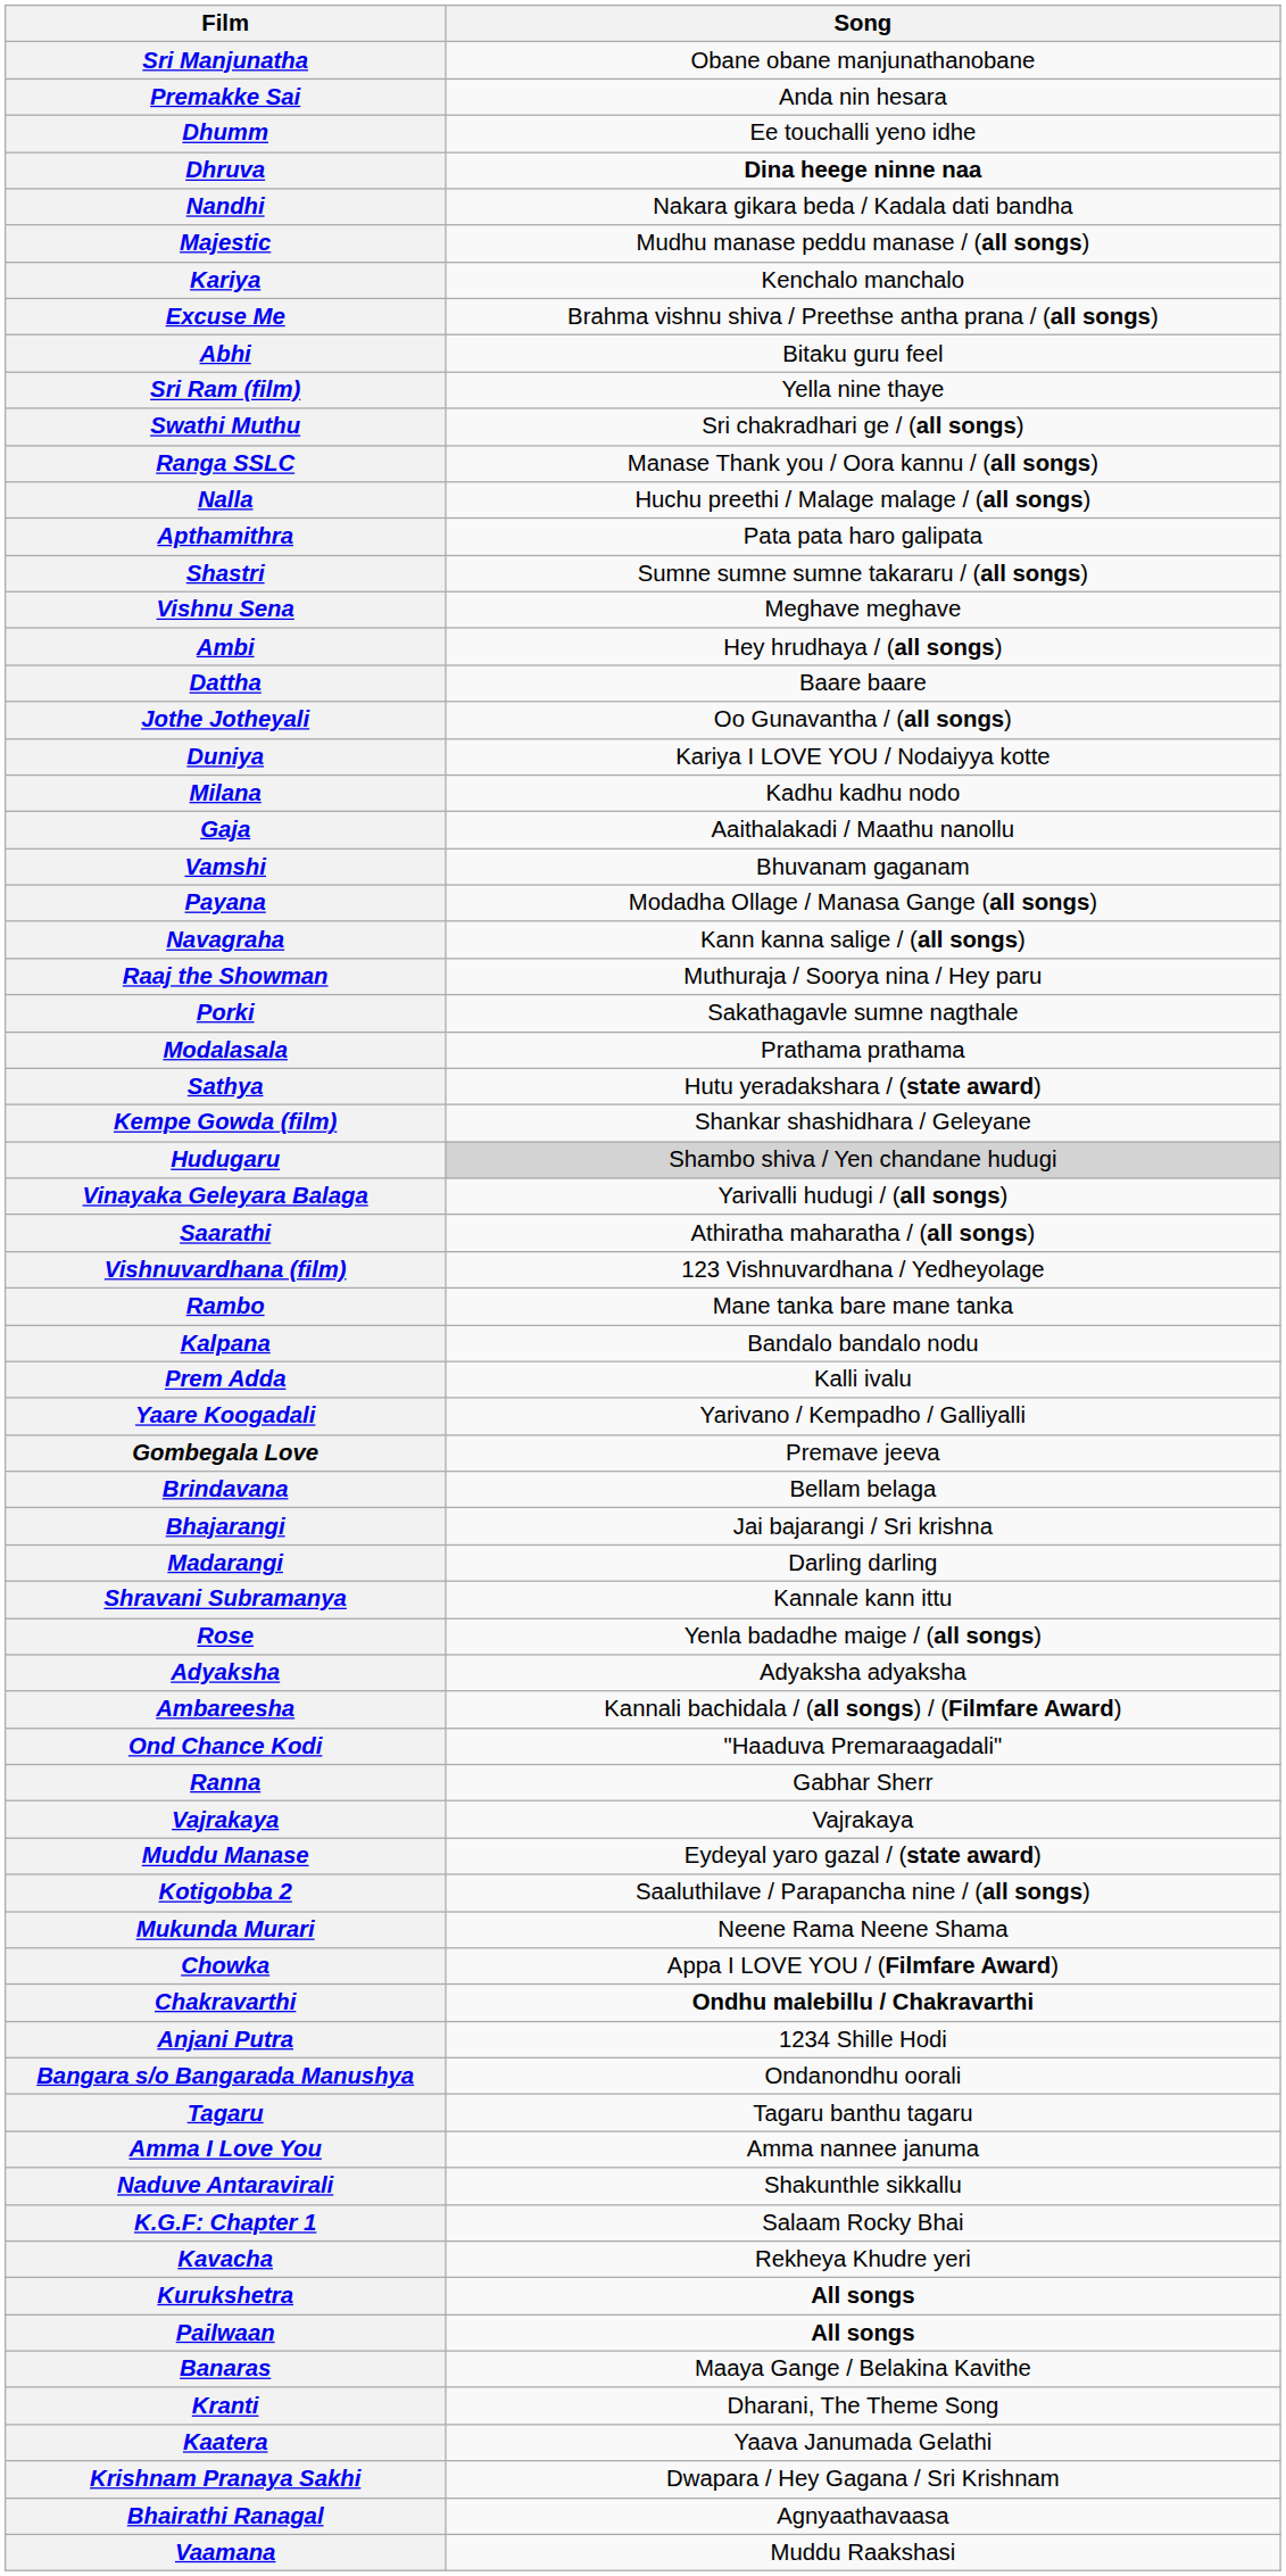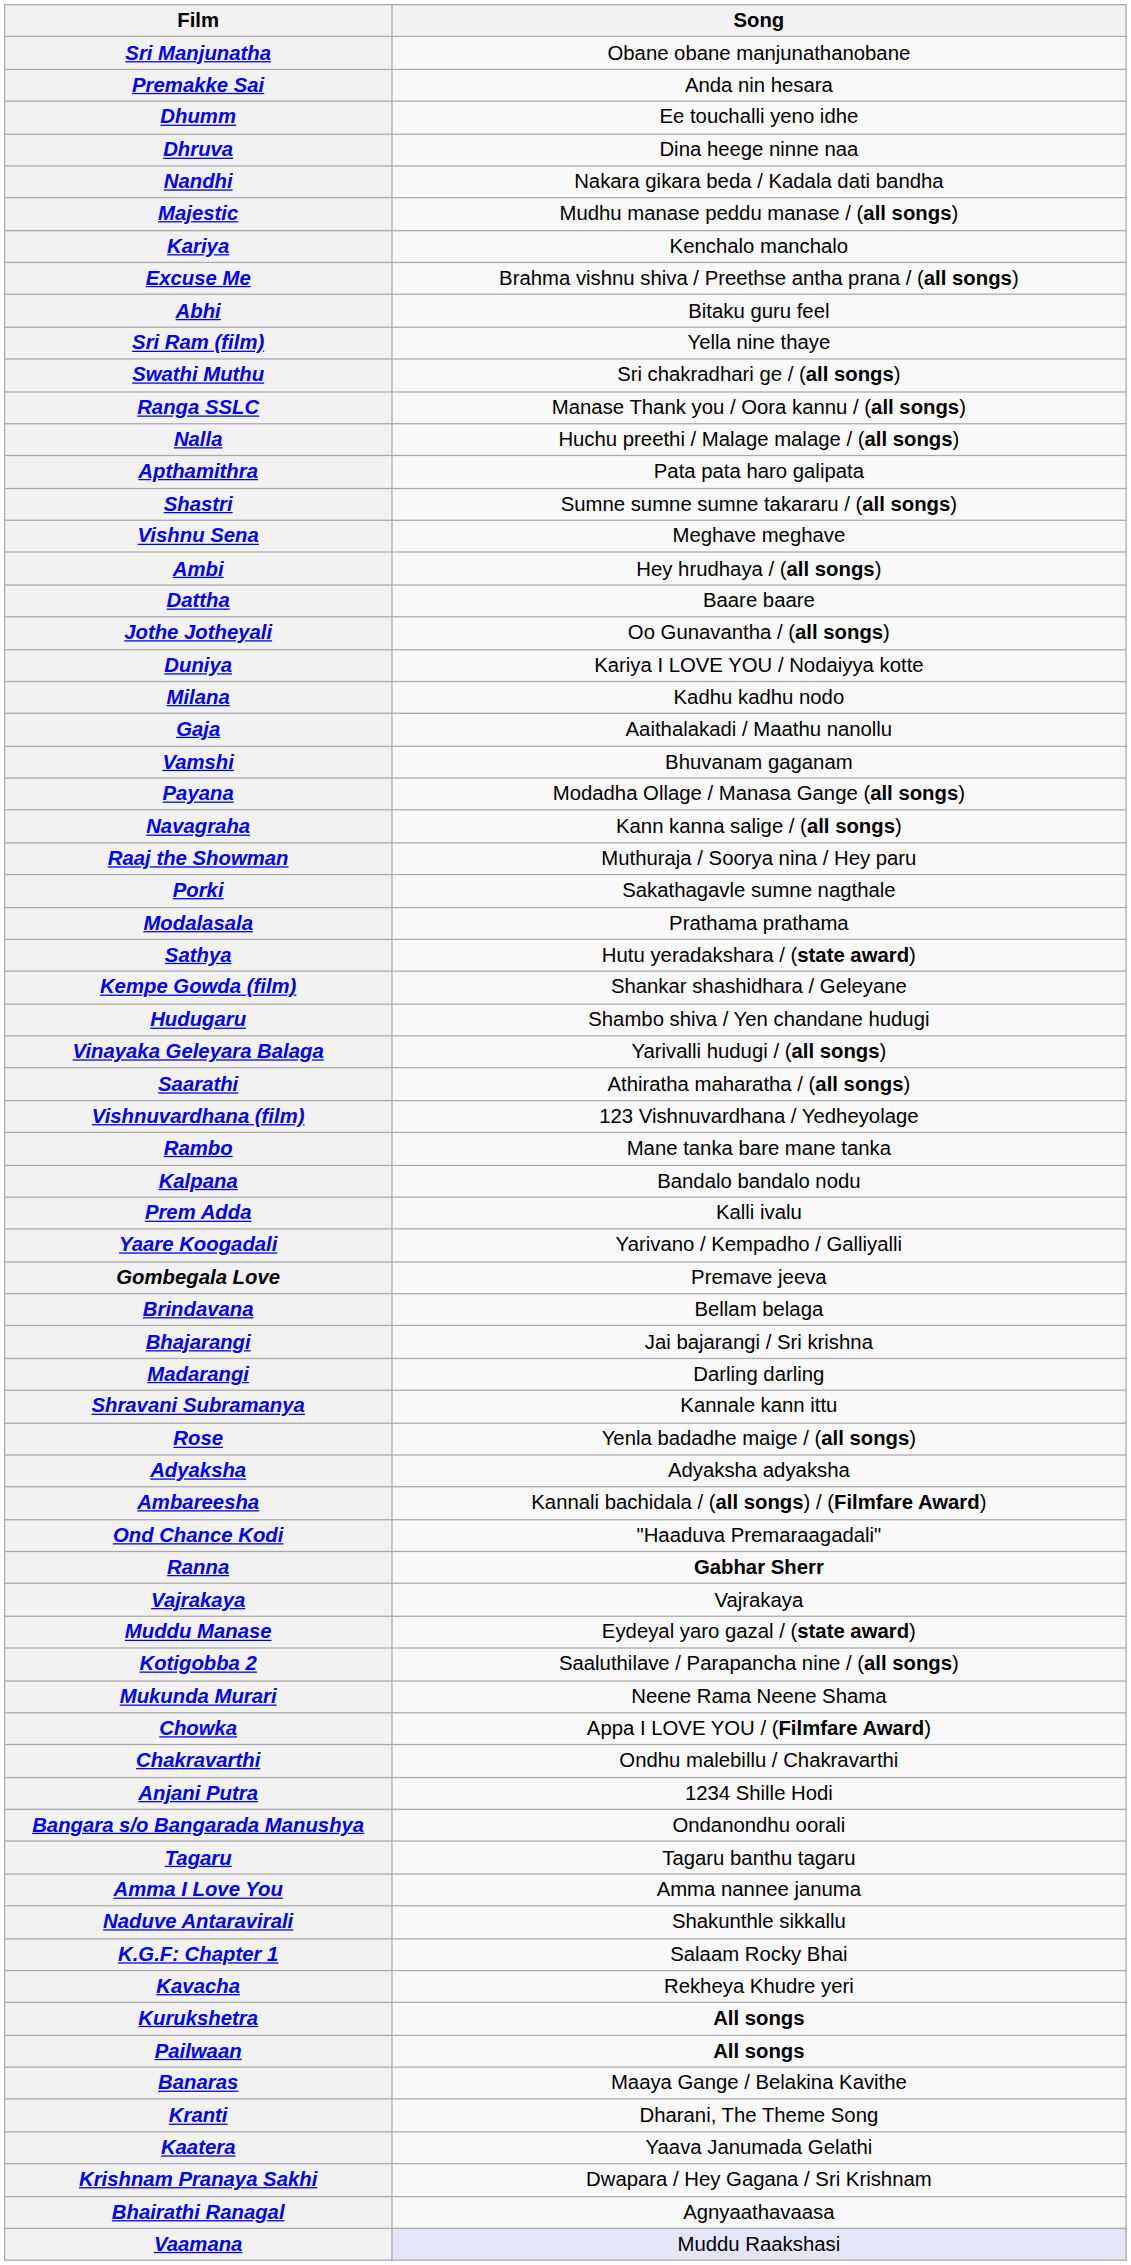 <table class="wikitable sortable mw-collapsible plainrowheaders" style="margin-right: 0;">
 <tr>
 <th scope="col" style="width:4%;">Film</th>
 <th scope="col" style="width:10%;">Song</th>
 </tr>
 <tr>
 <th scope="row" style="text-align: center;"><em><a href='#'>Sri Manjunatha</a></em></th>
 <td style="text-align: center;">Obane obane manjunathanobane</td>
 </tr>
 <tr>
 <th scope="row" style="text-align: center;"><em><a href='#'>Premakke Sai</a></em></th>
 <td style="text-align: center;">Anda nin hesara</td>
 </tr>
 <tr>
 <th scope="row" style="text-align: center;"><em><a href='#'>Dhumm</a></em></th>
 <td style="text-align: center;">Ee touchalli yeno idhe</td>
 </tr>
 <tr>
 <th scope="row" style="text-align: center;"><em><a href='#'>Dhruva</a></em></th>
-<td style="text-align: center;"><strong>Dina heege ninne naa</strong></td>
+<td style="text-align: center;">Dina heege ninne naa</td>
 </tr>
 <tr>
 <th scope="row" style="text-align: center;"><em><a href='#'>Nandhi</a></em></th>
 <td style="text-align: center;">Nakara gikara beda / Kadala dati bandha</td>
 </tr>
 <tr>
 <th scope="row" style="text-align: center;"><em><a href='#'>Majestic</a></em></th>
 <td style="text-align: center;">Mudhu manase peddu manase / (<strong>all songs</strong>)</td>
 </tr>
 <tr>
 <th scope="row" style="text-align: center;"><em><a href='#'>Kariya</a></em></th>
 <td style="text-align: center;">Kenchalo manchalo</td>
 </tr>
 <tr>
 <th scope="row" style="text-align: center;"><em><a href='#'>Excuse Me</a></em></th>
 <td style="text-align: center;">Brahma vishnu shiva / Preethse antha prana / (<strong>all songs</strong>)</td>
 </tr>
 <tr>
 <th scope="row" style="text-align: center;"><em><a href='#'>Abhi</a></em></th>
 <td style="text-align: center;">Bitaku guru feel</td>
 </tr>
 <tr>
 <th scope="row" style="text-align: center;"><em><a href='#'>Sri Ram (film)</a></em></th>
 <td style="text-align: center;">Yella nine thaye</td>
 </tr>
 <tr>
 <th scope="row" style="text-align: center;"><em><a href='#'>Swathi Muthu</a></em></th>
 <td style="text-align: center;">Sri chakradhari ge / (<strong>all songs</strong>)</td>
 </tr>
 <tr>
 <th scope="row" style="text-align: center;"><em><a href='#'>Ranga SSLC</a></em></th>
 <td style="text-align: center;">Manase Thank you / Oora kannu / (<strong>all songs</strong>)</td>
 </tr>
 <tr>
 <th scope="row" style="text-align: center;"><em><a href='#'>Nalla</a></em></th>
 <td style="text-align: center;">Huchu preethi / Malage malage / (<strong>all songs</strong>)</td>
 </tr>
 <tr>
 <th scope="row" style="text-align: center;"><em><a href='#'>Apthamithra</a></em></th>
 <td style="text-align: center;">Pata pata haro galipata</td>
 </tr>
 <tr>
 <th scope="row" style="text-align: center;"><em><a href='#'>Shastri</a></em></th>
 <td style="text-align: center;">Sumne sumne sumne takararu / (<strong>all songs</strong>)</td>
 </tr>
 <tr>
 <th scope="row" style="text-align: center;"><em><a href='#'>Vishnu Sena</a></em></th>
 <td style="text-align: center;">Meghave meghave</td>
 </tr>
 <tr>
 <th scope="row" style="text-align: center;"><em><a href='#'>Ambi</a></em></th>
 <td style="text-align: center;">Hey hrudhaya / (<strong>all songs</strong>)</td>
 </tr>
 <tr>
 <th scope="row" style="text-align: center;"><em><a href='#'>Dattha</a></em></th>
 <td style="text-align: center;">Baare baare</td>
 </tr>
 <tr>
 <th scope="row" style="text-align: center;"><em><a href='#'>Jothe Jotheyali</a></em></th>
 <td style="text-align: center;">Oo Gunavantha / (<strong>all songs</strong>)</td>
 </tr>
 <tr>
 <th scope="row" style="text-align: center;"><em><a href='#'>Duniya</a></em></th>
 <td style="text-align: center;">Kariya I LOVE YOU / Nodaiyya kotte</td>
 </tr>
 <tr>
 <th scope="row" style="text-align: center;"><em><a href='#'>Milana</a></em></th>
 <td style="text-align: center;">Kadhu kadhu nodo</td>
 </tr>
 <tr>
 <th scope="row" style="text-align: center;"><em><a href='#'>Gaja</a></em></th>
 <td style="text-align: center;">Aaithalakadi / Maathu nanollu</td>
 </tr>
 <tr>
 <th scope="row" style="text-align: center;"><em><a href='#'>Vamshi</a></em></th>
 <td style="text-align: center;">Bhuvanam gaganam</td>
 </tr>
 <tr>
 <th scope="row" style="text-align: center;"><em><a href='#'> Payana</a></em></th>
 <td style="text-align: center;">Modadha Ollage / Manasa Gange (<strong>all songs</strong>)</td>
 </tr>
 <tr>
 <th scope="row" style="text-align: center;"><em><a href='#'>Navagraha</a></em></th>
 <td style="text-align: center;">Kann kanna salige / (<strong>all songs</strong>)</td>
 </tr>
 <tr>
 <th scope="row" style="text-align: center;"><em><a href='#'>Raaj the Showman</a></em></th>
 <td style="text-align: center;">Muthuraja / Soorya nina / Hey paru</td>
 </tr>
 <tr>
 <th scope="row" style="text-align: center;"><em><a href='#'>Porki</a></em></th>
 <td style="text-align: center;">Sakathagavle sumne nagthale</td>
 </tr>
 <tr>
 <th scope="row" style="text-align: center;"><em><a href='#'>Modalasala</a></em></th>
 <td style="text-align: center;">Prathama prathama</td>
 </tr>
 <tr>
 <th scope="row" style="text-align: center;"><em><a href='#'>Sathya</a></em></th>
 <td style="text-align: center;">Hutu yeradakshara / (<strong>state award</strong>)</td>
 </tr>
 <tr>
 <th scope="row" style="text-align: center;"><em><a href='#'>Kempe Gowda (film)</a></em></th>
 <td style="text-align: center;">Shankar shashidhara / Geleyane</td>
 </tr>
 <tr>
 <th scope="row" style="text-align: center;"><em><a href='#'>Hudugaru</a></em></th>
-<td style="background: lightgrey; text-align: center;">Shambo shiva / Yen chandane hudugi</td>
+<td style="text-align: center;">Shambo shiva / Yen chandane hudugi</td>
 </tr>
 <tr>
 <th scope="row" style="text-align: center;"><em><a href='#'>Vinayaka Geleyara Balaga</a></em></th>
 <td style="text-align: center;">Yarivalli hudugi / (<strong>all songs</strong>)</td>
 </tr>
 <tr>
 <th scope="row" style="text-align: center;"><em><a href='#'>Saarathi</a></em></th>
 <td style="text-align: center;">Athiratha maharatha / (<strong>all songs</strong>)</td>
 </tr>
 <tr>
 <th scope="row" style="text-align: center;"><em><a href='#'>Vishnuvardhana (film)</a></em></th>
 <td style="text-align: center;">123 Vishnuvardhana / Yedheyolage</td>
 </tr>
 <tr>
 <th scope="row" style="text-align: center;"><em><a href='#'>Rambo</a></em></th>
 <td style="text-align: center;">Mane tanka bare mane tanka</td>
 </tr>
 <tr>
 <th scope="row" style="text-align: center;"><em><a href='#'>Kalpana</a></em></th>
 <td style="text-align: center;">Bandalo bandalo nodu</td>
 </tr>
 <tr>
 <th scope="row" style="text-align: center;"><em><a href='#'>Prem Adda</a></em></th>
 <td style="text-align: center;">Kalli ivalu</td>
 </tr>
 <tr>
 <th scope="row" style="text-align: center;"><em><a href='#'>Yaare Koogadali</a></em></th>
 <td style="text-align: center;">Yarivano / Kempadho / Galliyalli</td>
 </tr>
 <tr>
 <th scope="row" style="text-align: center;"><em>Gombegala Love</em></th>
 <td style="text-align: center;">Premave jeeva</td>
 </tr>
 <tr>
 <th scope="row" style="text-align: center;"><em><a href='#'>Brindavana</a></em></th>
 <td style="text-align: center;">Bellam belaga</td>
 </tr>
 <tr>
 <th scope="row" style="text-align: center;"><em><a href='#'>Bhajarangi</a></em></th>
 <td style="text-align: center;">Jai bajarangi / Sri krishna</td>
 </tr>
 <tr>
 <th scope="row" style="text-align: center;"><em><a href='#'>Madarangi</a></em></th>
 <td style="text-align: center;">Darling darling</td>
 </tr>
 <tr>
 <th scope="row" style="text-align: center;"><em><a href='#'>Shravani Subramanya</a></em></th>
 <td style="text-align: center;">Kannale kann ittu</td>
 </tr>
 <tr>
 <th scope="row" style="text-align: center;"><em><a href='#'>Rose</a></em></th>
 <td style="text-align: center;">Yenla badadhe maige / (<strong>all songs</strong>)</td>
 </tr>
 <tr>
 <th scope="row" style="text-align: center;"><em><a href='#'>Adyaksha</a></em></th>
 <td style="text-align: center;">Adyaksha adyaksha</td>
 </tr>
 <tr>
 <th scope="row" style="text-align: center;"><em><a href='#'>Ambareesha</a></em></th>
 <td style="text-align: center;">Kannali bachidala / (<strong>all songs</strong>) / (<strong>Filmfare Award</strong>)</td>
 </tr>
 <tr>
 <th scope="row" style="text-align: center;"><em><a href='#'>Ond Chance Kodi</a></em></th>
 <td style="text-align: center;">"Haaduva Premaraagadali"</td>
 </tr>
 <tr>
 <th scope="row" style="text-align: center;"><em><a href='#'>Ranna</a></em></th>
-<td style="text-align: center;">Gabhar Sherr</td>
+<td style="text-align: center;"><strong>Gabhar Sherr</strong></td>
 </tr>
 <tr>
 <th scope="row" style="text-align: center;"><em><a href='#'>Vajrakaya</a></em></th>
 <td style="text-align: center;">Vajrakaya</td>
 </tr>
 <tr>
 <th scope="row" style="text-align: center;"><em><a href='#'>Muddu Manase</a></em></th>
 <td style="text-align: center;">Eydeyal yaro gazal / (<strong>state award</strong>)</td>
 </tr>
 <tr>
 <th scope="row" style="text-align: center;"><em><a href='#'>Kotigobba 2</a></em></th>
 <td style="text-align: center;">Saaluthilave / Parapancha nine / (<strong>all songs</strong>)</td>
 </tr>
 <tr>
 <th scope="row" style="text-align: center;"><em><a href='#'>Mukunda Murari</a></em></th>
 <td style="text-align: center;">Neene Rama Neene Shama</td>
 </tr>
 <tr>
 <th scope="row" style="text-align: center;"><em><a href='#'>Chowka</a></em></th>
 <td style="text-align: center;">Appa I LOVE YOU / (<strong>Filmfare Award</strong>)</td>
 </tr>
 <tr>
 <th scope="row" style="text-align: center;"><em><a href='#'>Chakravarthi</a></em></th>
-<td style="text-align: center;"><strong>Ondhu malebillu / Chakravarthi</strong></td>
+<td style="text-align: center;">Ondhu malebillu / Chakravarthi</td>
 </tr>
 <tr>
 <th scope="row" style="text-align: center;"><em><a href='#'>Anjani Putra</a></em></th>
 <td style="text-align: center;">1234 Shille Hodi</td>
 </tr>
 <tr>
 <th scope="row" style="text-align: center;"><em><a href='#'>Bangara s/o Bangarada Manushya</a></em></th>
 <td style="text-align: center;">Ondanondhu oorali</td>
 </tr>
 <tr>
 <th scope="row" style="text-align: center;"><em><a href='#'>Tagaru</a></em></th>
 <td style="text-align: center;">Tagaru banthu tagaru</td>
 </tr>
 <tr>
 <th scope="row" style="text-align: center;"><em><a href='#'>Amma I Love You</a></em></th>
 <td style="text-align: center;">Amma nannee januma</td>
 </tr>
 <tr>
 <th scope="row" style="text-align: center;"><em><a href='#'>Naduve Antaravirali</a></em></th>
 <td style="text-align: center;">Shakunthle sikkallu</td>
 </tr>
 <tr>
 <th scope="row" style="text-align: center;"><em><a href='#'>K.G.F: Chapter 1</a></em></th>
 <td style="text-align: center;">Salaam Rocky Bhai</td>
 </tr>
 <tr>
 <th scope="row" style="text-align: center;"><em><a href='#'>Kavacha</a></em></th>
 <td style="text-align: center;">Rekheya Khudre yeri</td>
 </tr>
 <tr>
 <th scope="row" style="text-align: center;"><em><a href='#'>Kurukshetra</a></em></th>
 <td style="text-align: center;"><strong>All songs</strong></td>
 </tr>
 <tr>
 <th scope="row" style="text-align: center;"><em><a href='#'>Pailwaan</a></em></th>
 <td style="text-align: center;"><strong>All songs</strong></td>
 </tr>
 <tr>
 <th scope="row" style="text-align: center;"><em><a href='#'>Banaras</a></em></th>
 <td style="text-align: center;">Maaya Gange / Belakina Kavithe</td>
 </tr>
 <tr>
 <th scope="row" style="text-align: center;"><em><a href='#'>Kranti</a></em></th>
 <td style="text-align: center;">Dharani, The Theme Song</td>
 </tr>
 <tr>
 <th scope="row" style="text-align: center;"><em><a href='#'>Kaatera</a></em></th>
 <td style="text-align: center;">Yaava Janumada Gelathi</td>
 </tr>
 <tr>
 <th scope="row" style="text-align: center;"><em><a href='#'>Krishnam Pranaya Sakhi</a></em></th>
 <td style="text-align: center;">Dwapara / Hey Gagana / Sri Krishnam</td>
 </tr>
 <tr>
 <th scope="row" style="text-align: center;"><em><a href='#'>Bhairathi Ranagal</a></em></th>
 <td style="text-align: center;">Agnyaathavaasa</td>
 </tr>
 <tr>
 <th scope="row" style="text-align: center;"><em><a href='#'>Vaamana</a></em></th>
-<td style="text-align: center;">Muddu Raakshasi</td>
+<td style="background: lavender; text-align: center;">Muddu Raakshasi</td>
 </tr>
 </table>
